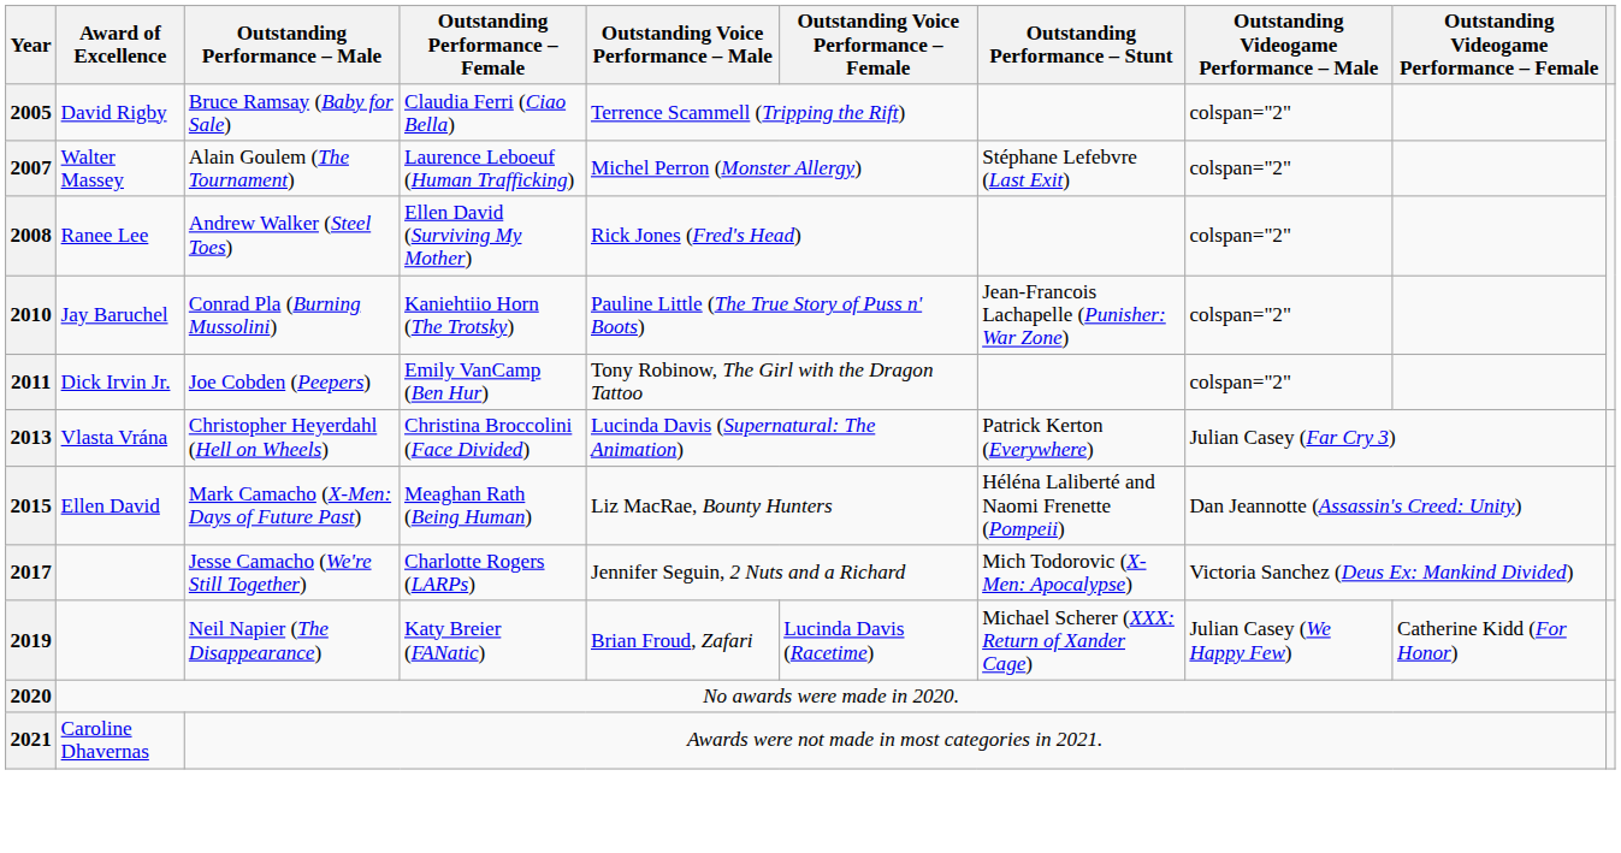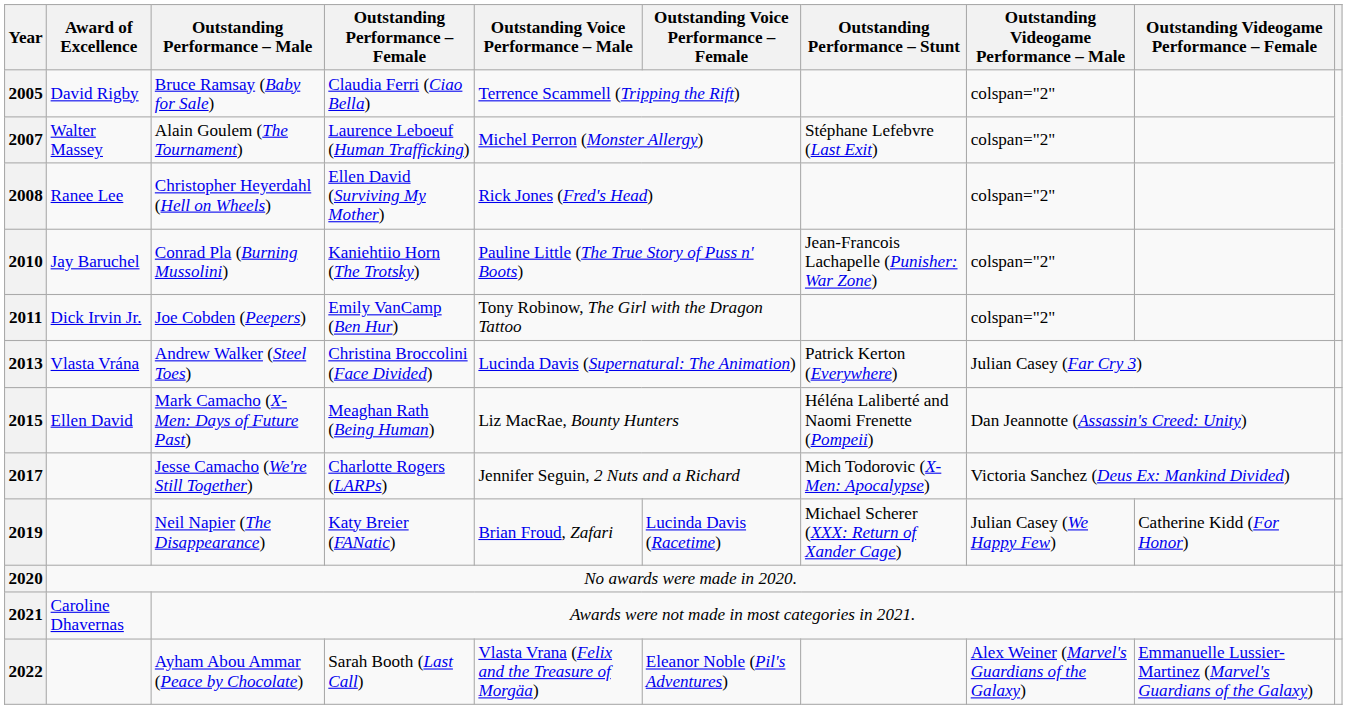 <table class="wikitable plainrowheaders" style="width:99%;">
 <tr>
 <th scope="col">Year</th>
 <th scope="col">Award of Excellence</th>
 <th scope="col">Outstanding Performance – Male</th>
 <th scope="col">Outstanding Performance – Female</th>
 <th scope="col">Outstanding Voice Performance – Male</th>
 <th scope="col">Outstanding Voice Performance – Female</th>
 <th scope="col">Outstanding Performance – Stunt</th>
 <th scope="col">Outstanding Videogame Performance – Male</th>
 <th scope="col">Outstanding Videogame Performance – Female</th>
 <th scope="col"></th>
 </tr>
 <tr>
 <th scope="row">2005</th>
 <td><a href='#'>David Rigby</a></td>
 <td><a href='#'>Bruce Ramsay</a> (<em><a href='#'>Baby for Sale</a></em>)</td>
 <td><a href='#'>Claudia Ferri</a> (<em><a href='#'>Ciao Bella</a></em>)</td>
 <td colspan="2"><a href='#'>Terrence Scammell</a> (<em><a href='#'>Tripping the Rift</a></em>)</td>
 <td></td>
 <td>colspan="2" </td>
 <td style="text-align:center;"></td>
 </tr>
 <tr>
 <th scope="row">2007</th>
 <td><a href='#'>Walter Massey</a></td>
 <td>Alain Goulem (<em><a href='#'>The Tournament</a></em>)</td>
 <td><a href='#'>Laurence Leboeuf</a> (<em><a href='#'>Human Trafficking</a></em>)</td>
 <td colspan="2"><a href='#'>Michel Perron</a> (<em><a href='#'>Monster Allergy</a></em>)</td>
 <td>Stéphane Lefebvre (<em><a href='#'>Last Exit</a></em>)</td>
 <td>colspan="2" </td>
 <td style="text-align:center;"></td>
 </tr>
 <tr>
 <th scope="row">2008</th>
 <td><a href='#'>Ranee Lee</a></td>
-<td><a href='#'>Andrew Walker</a> (<em><a href='#'>Steel Toes</a></em>)</td>
+<td><a href='#'>Christopher Heyerdahl</a> (<em><a href='#'>Hell on Wheels</a></em>)</td>
 <td><a href='#'>Ellen David</a> (<em><a href='#'>Surviving My Mother</a></em>)</td>
 <td colspan="2"><a href='#'>Rick Jones</a> (<em><a href='#'>Fred's Head</a></em>)</td>
 <td></td>
 <td>colspan="2" </td>
 <td style="text-align:center;"></td>
 </tr>
 <tr>
 <th scope="row">2010</th>
 <td><a href='#'>Jay Baruchel</a></td>
 <td><a href='#'>Conrad Pla</a> (<em><a href='#'>Burning Mussolini</a></em>)</td>
 <td><a href='#'>Kaniehtiio Horn</a> (<em><a href='#'>The Trotsky</a></em>)</td>
 <td colspan="2"><a href='#'>Pauline Little</a> (<em><a href='#'>The True Story of Puss n' Boots</a></em>)</td>
 <td>Jean-Francois Lachapelle (<em><a href='#'>Punisher: War Zone</a></em>)</td>
 <td>colspan="2" </td>
 <td style="text-align:center;"></td>
 </tr>
 <tr>
 <th scope="row">2011</th>
 <td><a href='#'>Dick Irvin Jr.</a></td>
 <td><a href='#'>Joe Cobden</a> (<em><a href='#'>Peepers</a></em>)</td>
 <td><a href='#'>Emily VanCamp</a> (<em><a href='#'>Ben Hur</a></em>)</td>
 <td colspan="2">Tony Robinow, <em>The Girl with the Dragon Tattoo</em></td>
 <td></td>
 <td>colspan="2" </td>
 <td style="text-align:center;"></td>
 </tr>
 <tr>
 <th scope="row">2013</th>
 <td><a href='#'>Vlasta Vrána</a></td>
-<td><a href='#'>Christopher Heyerdahl</a> (<em><a href='#'>Hell on Wheels</a></em>)</td>
+<td><a href='#'>Andrew Walker</a> (<em><a href='#'>Steel Toes</a></em>)</td>
 <td><a href='#'>Christina Broccolini</a> (<em><a href='#'>Face Divided</a></em>)</td>
 <td colspan="2"><a href='#'>Lucinda Davis</a> (<em><a href='#'>Supernatural: The Animation</a></em>)</td>
 <td>Patrick Kerton (<em><a href='#'>Everywhere</a></em>)</td>
 <td colspan="2">Julian Casey (<em><a href='#'>Far Cry 3</a></em>)</td>
 <td style="text-align:center;"></td>
 </tr>
 <tr>
 <th scope="row">2015</th>
 <td><a href='#'>Ellen David</a></td>
 <td><a href='#'>Mark Camacho</a> (<em><a href='#'>X-Men: Days of Future Past</a></em>)</td>
 <td><a href='#'>Meaghan Rath</a> (<em><a href='#'>Being Human</a></em>)</td>
 <td colspan="2">Liz MacRae, <em>Bounty Hunters</em></td>
 <td>Héléna Laliberté and Naomi Frenette (<em><a href='#'>Pompeii</a></em>)</td>
 <td colspan="2">Dan Jeannotte (<em><a href='#'>Assassin's Creed: Unity</a></em>)</td>
 <td style="text-align:center;"></td>
 </tr>
 <tr>
 <th scope="row">2017</th>
 <td></td>
 <td><a href='#'>Jesse Camacho</a> (<em><a href='#'>We're Still Together</a></em>)</td>
 <td><a href='#'>Charlotte Rogers</a> (<em><a href='#'>LARPs</a></em>)</td>
 <td colspan="2">Jennifer Seguin, <em>2 Nuts and a Richard</em></td>
 <td>Mich Todorovic (<em><a href='#'>X-Men: Apocalypse</a></em>)</td>
 <td colspan="2">Victoria Sanchez (<em><a href='#'>Deus Ex: Mankind Divided</a></em>)</td>
 <td style="text-align:center;"></td>
 </tr>
 <tr>
 <th scope="row">2019</th>
 <td></td>
 <td><a href='#'>Neil Napier</a> (<em><a href='#'>The Disappearance</a></em>)</td>
 <td><a href='#'>Katy Breier</a> (<em><a href='#'>FANatic</a></em>)</td>
 <td><a href='#'>Brian Froud</a>, <em>Zafari</em></td>
 <td><a href='#'>Lucinda Davis</a> (<em><a href='#'>Racetime</a></em>)</td>
 <td>Michael Scherer (<em><a href='#'>XXX: Return of Xander Cage</a></em>)</td>
 <td>Julian Casey (<em><a href='#'>We Happy Few</a></em>)</td>
 <td>Catherine Kidd (<em><a href='#'>For Honor</a></em>)</td>
 <td style="text-align:center;"></td>
 </tr>
 <tr>
 <th scope="row">2020</th>
 <td colspan="8" style="text-align:center;"><em>No awards were made in 2020.</em></td>
 <td></td>
 </tr>
 <tr>
 <th scope="row">2021</th>
 <td><a href='#'>Caroline Dhavernas</a></td>
 <td colspan="7" style="text-align:center;"><em>Awards were not made in most categories in 2021.</em></td>
 <td></td>
 </tr>
+<tr>
+<th scope="row">2022</th>
+<td></td>
+<td><a href='#'>Ayham Abou Ammar</a> (<em><a href='#'>Peace by Chocolate</a></em>)</td>
+<td>Sarah Booth (<em><a href='#'>Last Call</a></em>)</td>
+<td><a href='#'>Vlasta Vrana</a> (<em><a href='#'>Felix and the Treasure of Morgäa</a></em>)</td>
+<td><a href='#'>Eleanor Noble</a> (<em><a href='#'>Pil's Adventures</a></em>)</td>
+<td></td>
+<td><a href='#'>Alex Weiner</a> (<em><a href='#'>Marvel's Guardians of the Galaxy</a></em>)</td>
+<td><a href='#'>Emmanuelle Lussier-Martinez</a> (<em><a href='#'>Marvel's Guardians of the Galaxy</a></em>)</td>
+<td></td>
+</tr>
 </table>
